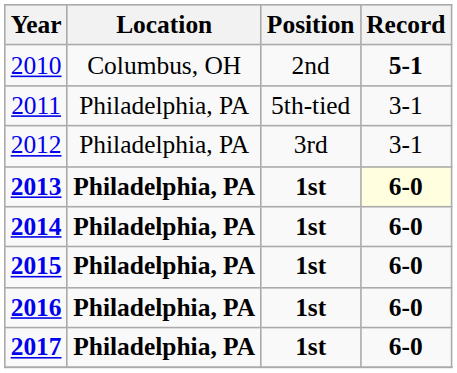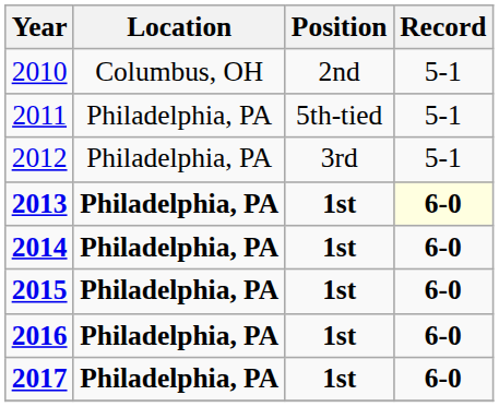 <table class="wikitable sortable">
 <tr>
 <th>Year</th>
 <th>Location</th>
 <th>Position</th>
 <th>Record</th>
 </tr>
 <tr>
 <td align=center><a href='#'>2010</a></td>
 <td align=center>Columbus, OH</td>
 <td align=center>2nd</td>
-<td align=center><strong>5-1</strong></td>
+<td align=center>5-1</td>
 </tr>
 <tr>
 <td align=center><a href='#'>2011</a></td>
 <td align=center>Philadelphia, PA</td>
 <td align=center>5th-tied</td>
-<td align=center>3-1</td>
+<td align=center>5-1</td>
 </tr>
 <tr>
 <td align=center><a href='#'>2012</a></td>
 <td align=center>Philadelphia, PA</td>
 <td align=center>3rd</td>
-<td align=center>3-1</td>
+<td align=center>5-1</td>
 </tr>
 <tr>
 <td align=center><strong><a href='#'>2013</a></strong></td>
 <td align=center><strong>Philadelphia, PA</strong></td>
 <td align=center><strong>1st</strong></td>
 <td align=center style="background: lightyellow;"><strong>6-0</strong></td>
 </tr>
 <tr>
 <td align=center><strong><a href='#'>2014</a></strong></td>
 <td align=center><strong>Philadelphia, PA</strong></td>
 <td align=center><strong>1st</strong></td>
 <td align=center><strong>6-0</strong></td>
 </tr>
 <tr>
 <td align=center><strong><a href='#'>2015</a></strong></td>
 <td align=center><strong>Philadelphia, PA</strong></td>
 <td align=center><strong>1st</strong></td>
 <td align=center><strong>6-0</strong></td>
 </tr>
 <tr>
 <td align=center><strong><a href='#'>2016</a></strong></td>
 <td align=center><strong>Philadelphia, PA</strong></td>
 <td align=center><strong>1st</strong></td>
 <td align=center><strong>6-0</strong></td>
 </tr>
 <tr>
 <td align=center><strong><a href='#'>2017</a></strong></td>
 <td align=center><strong>Philadelphia, PA</strong></td>
 <td align=center><strong>1st</strong></td>
 <td align=center><strong>6-0</strong></td>
 </tr>
 <tr>
 </tr>
 </table>
